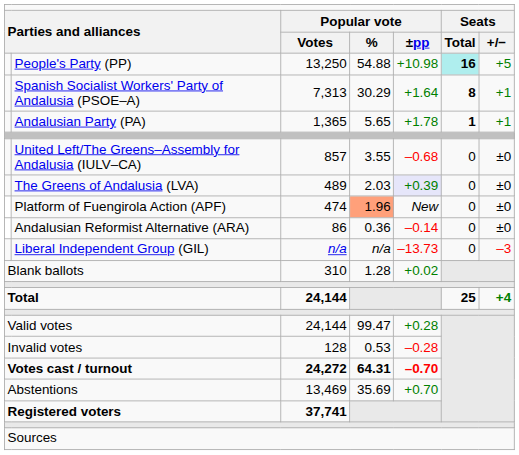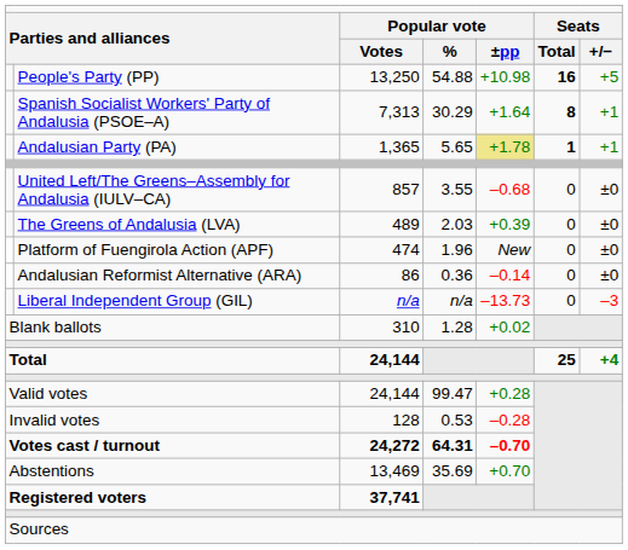 <table class="wikitable" style="text-align:right;">
 <tr>
 <td colspan="7"></td>
 </tr>
 <tr>
 <th style="text-align:left;" rowspan="2" colspan="2" width="525">Parties and alliances</th>
 <th colspan="3">Popular vote</th>
 <th colspan="2">Seats</th>
 </tr>
 <tr>
 <th width="75">Votes</th>
 <th width="45">%</th>
 <th width="45">±<a href='#'>pp</a></th>
 <th width="35">Total</th>
 <th width="35">+/−</th>
 </tr>
 <tr>
 <td width="1" style="color:inherit;background:"></td>
 <td align="left"><a href='#'>People's Party</a> (PP)</td>
 <td>13,250</td>
 <td>54.88</td>
 <td style="color:green;">+10.98</td>
-<td style="background: paleturquoise;"><strong>16</strong></td>
+<td><strong>16</strong></td>
 <td style="color:green;">+5</td>
 </tr>
 <tr>
 <td style="color:inherit;background:"></td>
 <td align="left"><a href='#'>Spanish Socialist Workers' Party of Andalusia</a> (PSOE–A)</td>
 <td>7,313</td>
 <td>30.29</td>
 <td style="color:green;">+1.64</td>
 <td><strong>8</strong></td>
 <td style="color:green;">+1</td>
 </tr>
 <tr>
 <td style="color:inherit;background:"></td>
 <td align="left"><a href='#'>Andalusian Party</a> (PA)</td>
 <td>1,365</td>
 <td>5.65</td>
-<td style="color:green;">+1.78</td>
+<td style="background: khaki; color:green;">+1.78</td>
 <td><strong>1</strong></td>
 <td style="color:green;">+1</td>
 </tr>
 <tr>
 <td colspan="7" bgcolor="#C0C0C0"></td>
 </tr>
 <tr>
 <td style="color:inherit;background:"></td>
 <td align="left"><a href='#'>United Left/The Greens–Assembly for Andalusia</a> (IULV–CA)</td>
 <td>857</td>
 <td>3.55</td>
 <td style="color:red;">–0.68</td>
 <td>0</td>
 <td>±0</td>
 </tr>
 <tr>
 <td style="color:inherit;background:"></td>
 <td align="left"><a href='#'>The Greens of Andalusia</a> (LVA)</td>
 <td>489</td>
 <td>2.03</td>
-<td style="background: lavender; color:green;">+0.39</td>
+<td style="color:green;">+0.39</td>
 <td>0</td>
 <td>±0</td>
 </tr>
 <tr>
 <td bgcolor="white"></td>
 <td align="left">Platform of Fuengirola Action (APF)</td>
 <td>474</td>
-<td style="background: lightsalmon;">1.96</td>
+<td>1.96</td>
 <td><em>New</em></td>
 <td>0</td>
 <td>±0</td>
 </tr>
 <tr>
 <td bgcolor="white"></td>
 <td align="left">Andalusian Reformist Alternative (ARA)</td>
 <td>86</td>
 <td>0.36</td>
 <td style="color:red;">–0.14</td>
 <td>0</td>
 <td>±0</td>
 </tr>
 <tr>
 <td style="color:inherit;background:"></td>
 <td align="left"><a href='#'>Liberal Independent Group</a> (GIL)</td>
 <td><em><a href='#'>n/a</a></em></td>
 <td><em>n/a</em></td>
 <td style="color:red;">–13.73</td>
 <td>0</td>
 <td style="color:red;">–3</td>
 </tr>
 <tr>
 <td align="left" colspan="2">Blank ballots</td>
 <td>310</td>
 <td>1.28</td>
 <td style="color:green;">+0.02</td>
 <td bgcolor="#E9E9E9" colspan="2"></td>
 </tr>
 <tr>
 <td colspan="7" bgcolor="#E9E9E9"></td>
 </tr>
 <tr style="font-weight:bold;">
 <td align="left" colspan="2">Total</td>
 <td>24,144</td>
 <td bgcolor="#E9E9E9" colspan="2"></td>
 <td>25</td>
 <td style="color:green;">+4</td>
 </tr>
 <tr>
 <td colspan="7" bgcolor="#E9E9E9"></td>
 </tr>
 <tr>
 <td align="left" colspan="2">Valid votes</td>
 <td>24,144</td>
 <td>99.47</td>
 <td style="color:green;">+0.28</td>
 <td bgcolor="#E9E9E9" colspan="2" rowspan="5"></td>
 </tr>
 <tr>
 <td align="left" colspan="2">Invalid votes</td>
 <td>128</td>
 <td>0.53</td>
 <td style="color:red;">–0.28</td>
 </tr>
 <tr style="font-weight:bold;">
 <td align="left" colspan="2">Votes cast / turnout</td>
 <td>24,272</td>
 <td>64.31</td>
 <td style="color:red;">–0.70</td>
 </tr>
 <tr>
 <td align="left" colspan="2">Abstentions</td>
 <td>13,469</td>
 <td>35.69</td>
 <td style="color:green;">+0.70</td>
 </tr>
 <tr style="font-weight:bold;">
 <td align="left" colspan="2">Registered voters</td>
 <td>37,741</td>
 <td bgcolor="#E9E9E9" colspan="2"></td>
 </tr>
 <tr>
 <td colspan="7" bgcolor="#E9E9E9"></td>
 </tr>
 <tr>
 <td align="left" colspan="7">Sources</td>
 </tr>
 </table>
